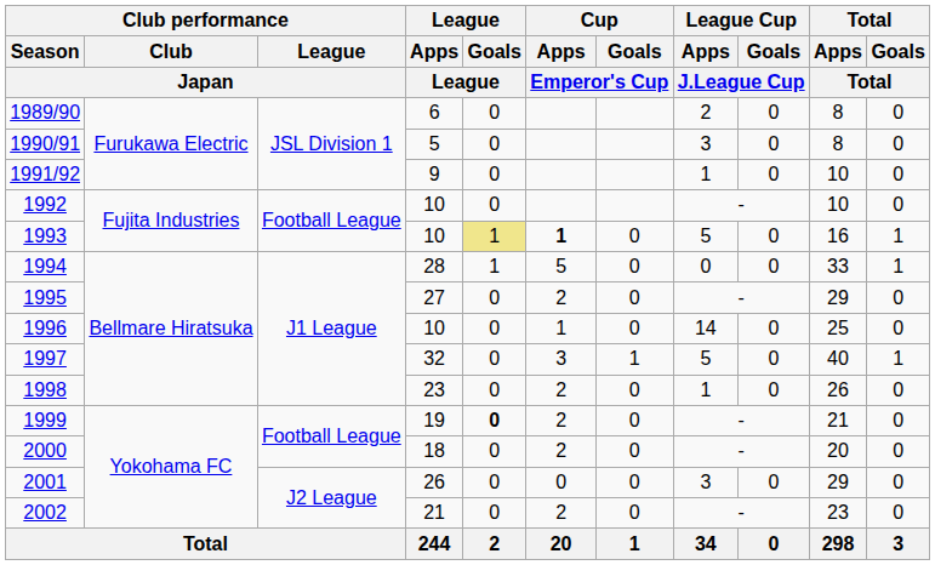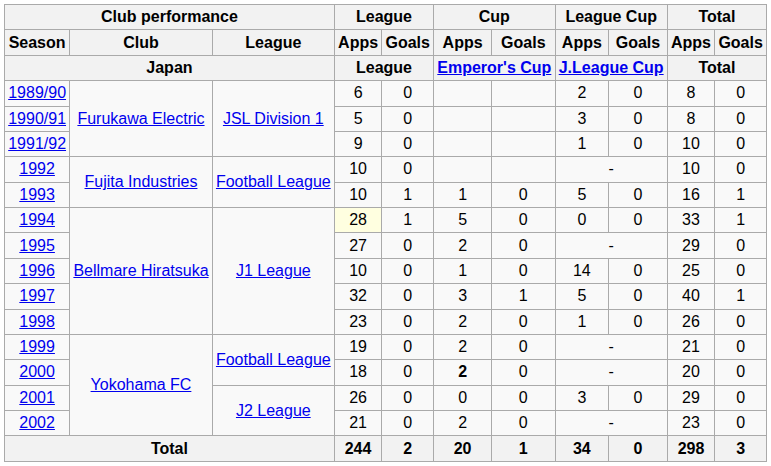 <table class="wikitable" style="text-align:center;">
 <tr>
 <th colspan=3>Club performance</th>
 <th colspan=2>League</th>
 <th colspan=2>Cup</th>
 <th colspan=2>League Cup</th>
 <th colspan=2>Total</th>
 </tr>
 <tr>
 <th>Season</th>
 <th>Club</th>
 <th>League</th>
 <th>Apps</th>
 <th>Goals</th>
 <th>Apps</th>
 <th>Goals</th>
 <th>Apps</th>
 <th>Goals</th>
 <th>Apps</th>
 <th>Goals</th>
 </tr>
 <tr>
 <th colspan=3>Japan</th>
 <th colspan=2>League</th>
 <th colspan=2><a href='#'>Emperor's Cup</a></th>
 <th colspan=2><a href='#'>J.League Cup</a></th>
 <th colspan=2>Total</th>
 </tr>
 <tr>
 <td><a href='#'>1989/90</a></td>
 <td rowspan="3"><a href='#'>Furukawa Electric</a></td>
 <td rowspan="3"><a href='#'>JSL Division 1</a></td>
 <td>6</td>
 <td>0</td>
 <td></td>
 <td></td>
 <td>2</td>
 <td>0</td>
 <td>8</td>
 <td>0</td>
 </tr>
 <tr>
 <td><a href='#'>1990/91</a></td>
 <td>5</td>
 <td>0</td>
 <td></td>
 <td></td>
 <td>3</td>
 <td>0</td>
 <td>8</td>
 <td>0</td>
 </tr>
 <tr>
 <td><a href='#'>1991/92</a></td>
 <td>9</td>
 <td>0</td>
 <td></td>
 <td></td>
 <td>1</td>
 <td>0</td>
 <td>10</td>
 <td>0</td>
 </tr>
 <tr>
 <td><a href='#'>1992</a></td>
 <td rowspan="2"><a href='#'>Fujita Industries</a></td>
 <td rowspan="2"><a href='#'>Football League</a></td>
 <td>10</td>
 <td>0</td>
 <td></td>
 <td></td>
 <td colspan="2">-</td>
 <td>10</td>
 <td>0</td>
 </tr>
 <tr>
 <td><a href='#'>1993</a></td>
 <td>10</td>
-<td style="background: khaki;">1</td>
-<td><strong>1</strong></td>
+<td>1</td>
+<td>1</td>
 <td>0</td>
 <td>5</td>
 <td>0</td>
 <td>16</td>
 <td>1</td>
 </tr>
 <tr>
 <td><a href='#'>1994</a></td>
 <td rowspan="5"><a href='#'>Bellmare Hiratsuka</a></td>
 <td rowspan="5"><a href='#'>J1 League</a></td>
-<td>28</td>
+<td style="background: lightyellow;">28</td>
 <td>1</td>
 <td>5</td>
 <td>0</td>
 <td>0</td>
 <td>0</td>
 <td>33</td>
 <td>1</td>
 </tr>
 <tr>
 <td><a href='#'>1995</a></td>
 <td>27</td>
 <td>0</td>
 <td>2</td>
 <td>0</td>
 <td colspan="2">-</td>
 <td>29</td>
 <td>0</td>
 </tr>
 <tr>
 <td><a href='#'>1996</a></td>
 <td>10</td>
 <td>0</td>
 <td>1</td>
 <td>0</td>
 <td>14</td>
 <td>0</td>
 <td>25</td>
 <td>0</td>
 </tr>
 <tr>
 <td><a href='#'>1997</a></td>
 <td>32</td>
 <td>0</td>
 <td>3</td>
 <td>1</td>
 <td>5</td>
 <td>0</td>
 <td>40</td>
 <td>1</td>
 </tr>
 <tr>
 <td><a href='#'>1998</a></td>
 <td>23</td>
 <td>0</td>
 <td>2</td>
 <td>0</td>
 <td>1</td>
 <td>0</td>
 <td>26</td>
 <td>0</td>
 </tr>
 <tr>
 <td><a href='#'>1999</a></td>
 <td rowspan="4"><a href='#'>Yokohama FC</a></td>
 <td rowspan="2"><a href='#'>Football League</a></td>
 <td>19</td>
-<td><strong>0</strong></td>
+<td>0</td>
 <td>2</td>
 <td>0</td>
 <td colspan="2">-</td>
 <td>21</td>
 <td>0</td>
 </tr>
 <tr>
 <td><a href='#'>2000</a></td>
 <td>18</td>
 <td>0</td>
-<td>2</td>
+<td><strong>2</strong></td>
 <td>0</td>
 <td colspan="2">-</td>
 <td>20</td>
 <td>0</td>
 </tr>
 <tr>
 <td><a href='#'>2001</a></td>
 <td rowspan="2"><a href='#'>J2 League</a></td>
 <td>26</td>
 <td>0</td>
 <td>0</td>
 <td>0</td>
 <td>3</td>
 <td>0</td>
 <td>29</td>
 <td>0</td>
 </tr>
 <tr>
 <td><a href='#'>2002</a></td>
 <td>21</td>
 <td>0</td>
 <td>2</td>
 <td>0</td>
 <td colspan="2">-</td>
 <td>23</td>
 <td>0</td>
 </tr>
 <tr>
 <th colspan=3>Total</th>
 <th>244</th>
 <th>2</th>
 <th>20</th>
 <th>1</th>
 <th>34</th>
 <th>0</th>
 <th>298</th>
 <th>3</th>
 </tr>
 </table>
